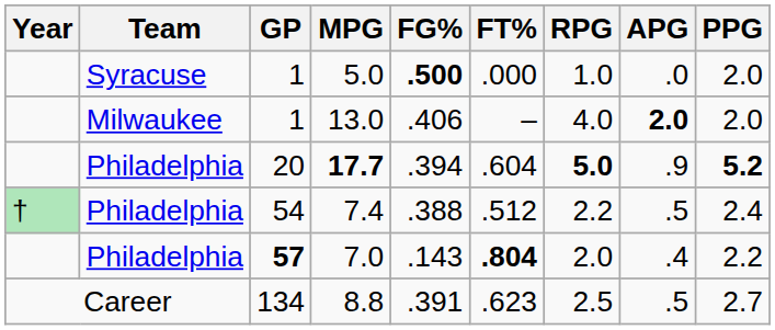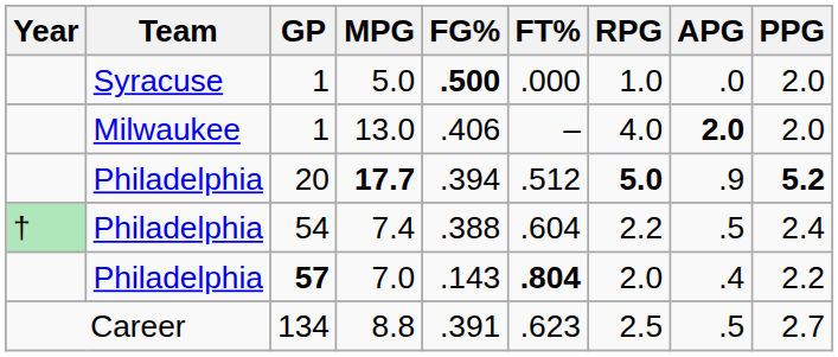 <table class="wikitable sortable" style="font-size:95%; text-align:right;">
 <tr>
 <th>Year</th>
 <th>Team</th>
 <th>GP</th>
 <th>MPG</th>
 <th>FG%</th>
 <th>FT%</th>
 <th>RPG</th>
 <th>APG</th>
 <th>PPG</th>
 </tr>
 <tr>
 <td style="text-align:left;"></td>
 <td style="text-align:left;"><a href='#'>Syracuse</a></td>
 <td>1</td>
 <td>5.0</td>
 <td><strong>.500</strong></td>
 <td>.000</td>
 <td>1.0</td>
 <td>.0</td>
 <td>2.0</td>
 </tr>
 <tr>
 <td style="text-align:left;"></td>
 <td style="text-align:left;"><a href='#'>Milwaukee</a></td>
 <td>1</td>
 <td>13.0</td>
 <td>.406</td>
 <td>–</td>
 <td>4.0</td>
 <td><strong>2.0</strong></td>
 <td>2.0</td>
 </tr>
 <tr>
 <td style="text-align:left;"></td>
 <td style="text-align:left;"><a href='#'>Philadelphia</a></td>
 <td>20</td>
 <td><strong>17.7</strong></td>
 <td>.394</td>
-<td>.604</td>
+<td>.512</td>
 <td><strong>5.0</strong></td>
 <td>.9</td>
 <td><strong>5.2</strong></td>
 </tr>
 <tr>
 <td style="text-align:left;background:#afe6ba;">†</td>
 <td style="text-align:left;"><a href='#'>Philadelphia</a></td>
 <td>54</td>
 <td>7.4</td>
 <td>.388</td>
-<td>.512</td>
+<td>.604</td>
 <td>2.2</td>
 <td>.5</td>
 <td>2.4</td>
 </tr>
 <tr>
 <td style="text-align:left;"></td>
 <td style="text-align:left;"><a href='#'>Philadelphia</a></td>
 <td><strong>57</strong></td>
 <td>7.0</td>
 <td>.143</td>
 <td><strong>.804</strong></td>
 <td>2.0</td>
 <td>.4</td>
 <td>2.2</td>
 </tr>
 <tr class="sortbottom">
 <td style="text-align:center;" colspan="2">Career</td>
 <td>134</td>
 <td>8.8</td>
 <td>.391</td>
 <td>.623</td>
 <td>2.5</td>
 <td>.5</td>
 <td>2.7</td>
 </tr>
 </table>
